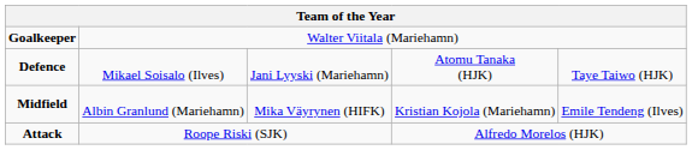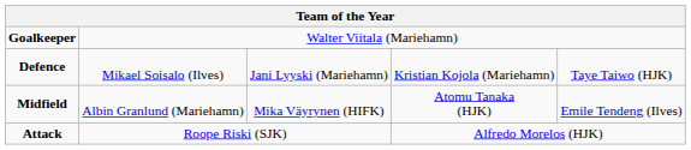 <table class="wikitable" style="text-align:center">
 <tr>
 <th colspan="13">Team of the Year</th>
 </tr>
 <tr>
 <td><strong>Goalkeeper</strong></td>
 <td colspan="4"> <a href='#'>Walter Viitala</a> (Mariehamn)</td>
 </tr>
 <tr>
 <td><strong>Defence</strong></td>
 <td><br><a href='#'>Mikael Soisalo</a> (Ilves)</td>
 <td lowspan="1"><br><a href='#'>Jani Lyyski</a> (Mariehamn)</td>
-<td lowspan="1"> <a href='#'>Atomu Tanaka</a><br>(HJK)</td>
+<td><br><a href='#'>Kristian Kojola</a> (Mariehamn)</td>
 <td><br><a href='#'>Taye Taiwo</a> (HJK)</td>
 </tr>
 <tr>
 <td><strong>Midfield</strong></td>
 <td lowspan="1"><br><a href='#'>Albin Granlund</a> (Mariehamn)</td>
 <td lowspan="1"><br> <a href='#'>Mika Väyrynen</a> (HIFK)</td>
-<td><br><a href='#'>Kristian Kojola</a> (Mariehamn)</td>
+<td lowspan="1"> <a href='#'>Atomu Tanaka</a><br>(HJK)</td>
 <td lowspan="1"><br><a href='#'>Emile  Tendeng</a> (Ilves)</td>
 </tr>
 <tr>
 <td><strong>Attack</strong></td>
 <td colspan="2.5"> <a href='#'>Roope Riski</a> (SJK)</td>
 <td colspan="2.5"> <a href='#'>Alfredo Morelos</a> (HJK)</td>
 </tr>
 </table>
